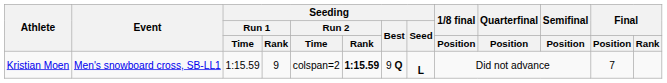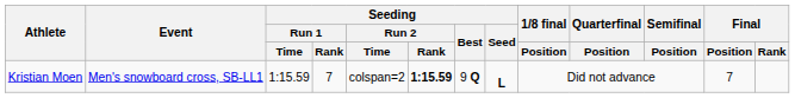 <table class=wikitable style=font-size:90%;text-align:center>
 <tr>
 <th rowspan=3>Athlete</th>
 <th rowspan=3>Event</th>
 <th colspan=6>Seeding</th>
 <th rowspan=2>1/8 final</th>
 <th rowspan=2>Quarterfinal</th>
 <th rowspan=2>Semifinal</th>
 <th colspan=2 rowspan=2>Final</th>
 </tr>
 <tr style=font-size:95%>
 <th colspan=2>Run 1</th>
 <th colspan=2>Run 2</th>
 <th rowspan=2>Best</th>
 <th rowspan=2>Seed</th>
 </tr>
 <tr style=font-size:95%>
 <th>Time</th>
 <th>Rank</th>
 <th>Time</th>
 <th>Rank</th>
 <th>Position</th>
 <th>Position</th>
 <th>Position</th>
 <th>Position</th>
 <th>Rank</th>
 </tr>
 <tr>
 <td align=left><a href='#'>Kristian Moen</a></td>
 <td align=left rowspan=3><a href='#'>Men's snowboard cross, SB-LL1</a></td>
 <td>1:15.59</td>
-<td>9</td>
+<td>7</td>
 <td>colspan=2</td>
 <td><strong>1:15.59</strong></td>
 <td>9 <strong>Q</strong></td>
 <td><br><strong>L</strong></td>
 <td colspan=3>Did not advance</td>
 <td>7</td>
 </tr>
 </table>
